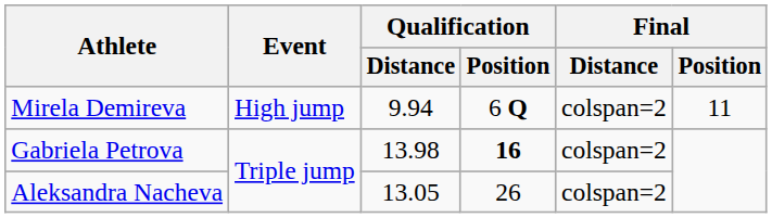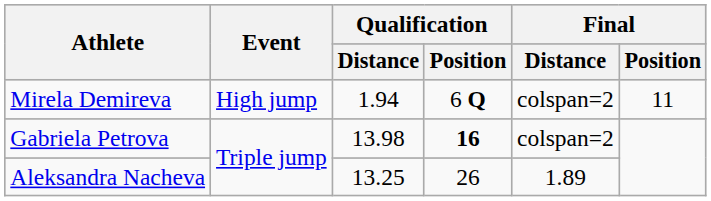 <table class=wikitable style=font-size:90%>
 <tr>
 <th rowspan=2>Athlete</th>
 <th rowspan=2>Event</th>
 <th colspan=2>Qualification</th>
 <th colspan=2>Final</th>
 </tr>
 <tr style=font-size:95%>
 <th>Distance</th>
 <th>Position</th>
 <th>Distance</th>
 <th>Position</th>
 </tr>
 <tr align=center>
 <td align=left><a href='#'>Mirela Demireva</a></td>
 <td align=left><a href='#'>High jump</a></td>
-<td>9.94</td>
+<td>1.94</td>
 <td>6 <strong>Q</strong></td>
 <td>colspan=2 </td>
 <td>11</td>
 </tr>
 <tr align=center>
 <td align=left><a href='#'>Gabriela Petrova</a></td>
 <td align=left rowspan=2><a href='#'>Triple jump</a></td>
 <td>13.98</td>
 <td><strong>16</strong></td>
 <td>colspan=2 </td>
 </tr>
 <tr align=center>
 <td align=left><a href='#'>Aleksandra Nacheva</a></td>
-<td>13.05</td>
+<td>13.25</td>
 <td>26</td>
-<td>colspan=2 </td>
+<td>1.89</td>
 </tr>
 </table>
